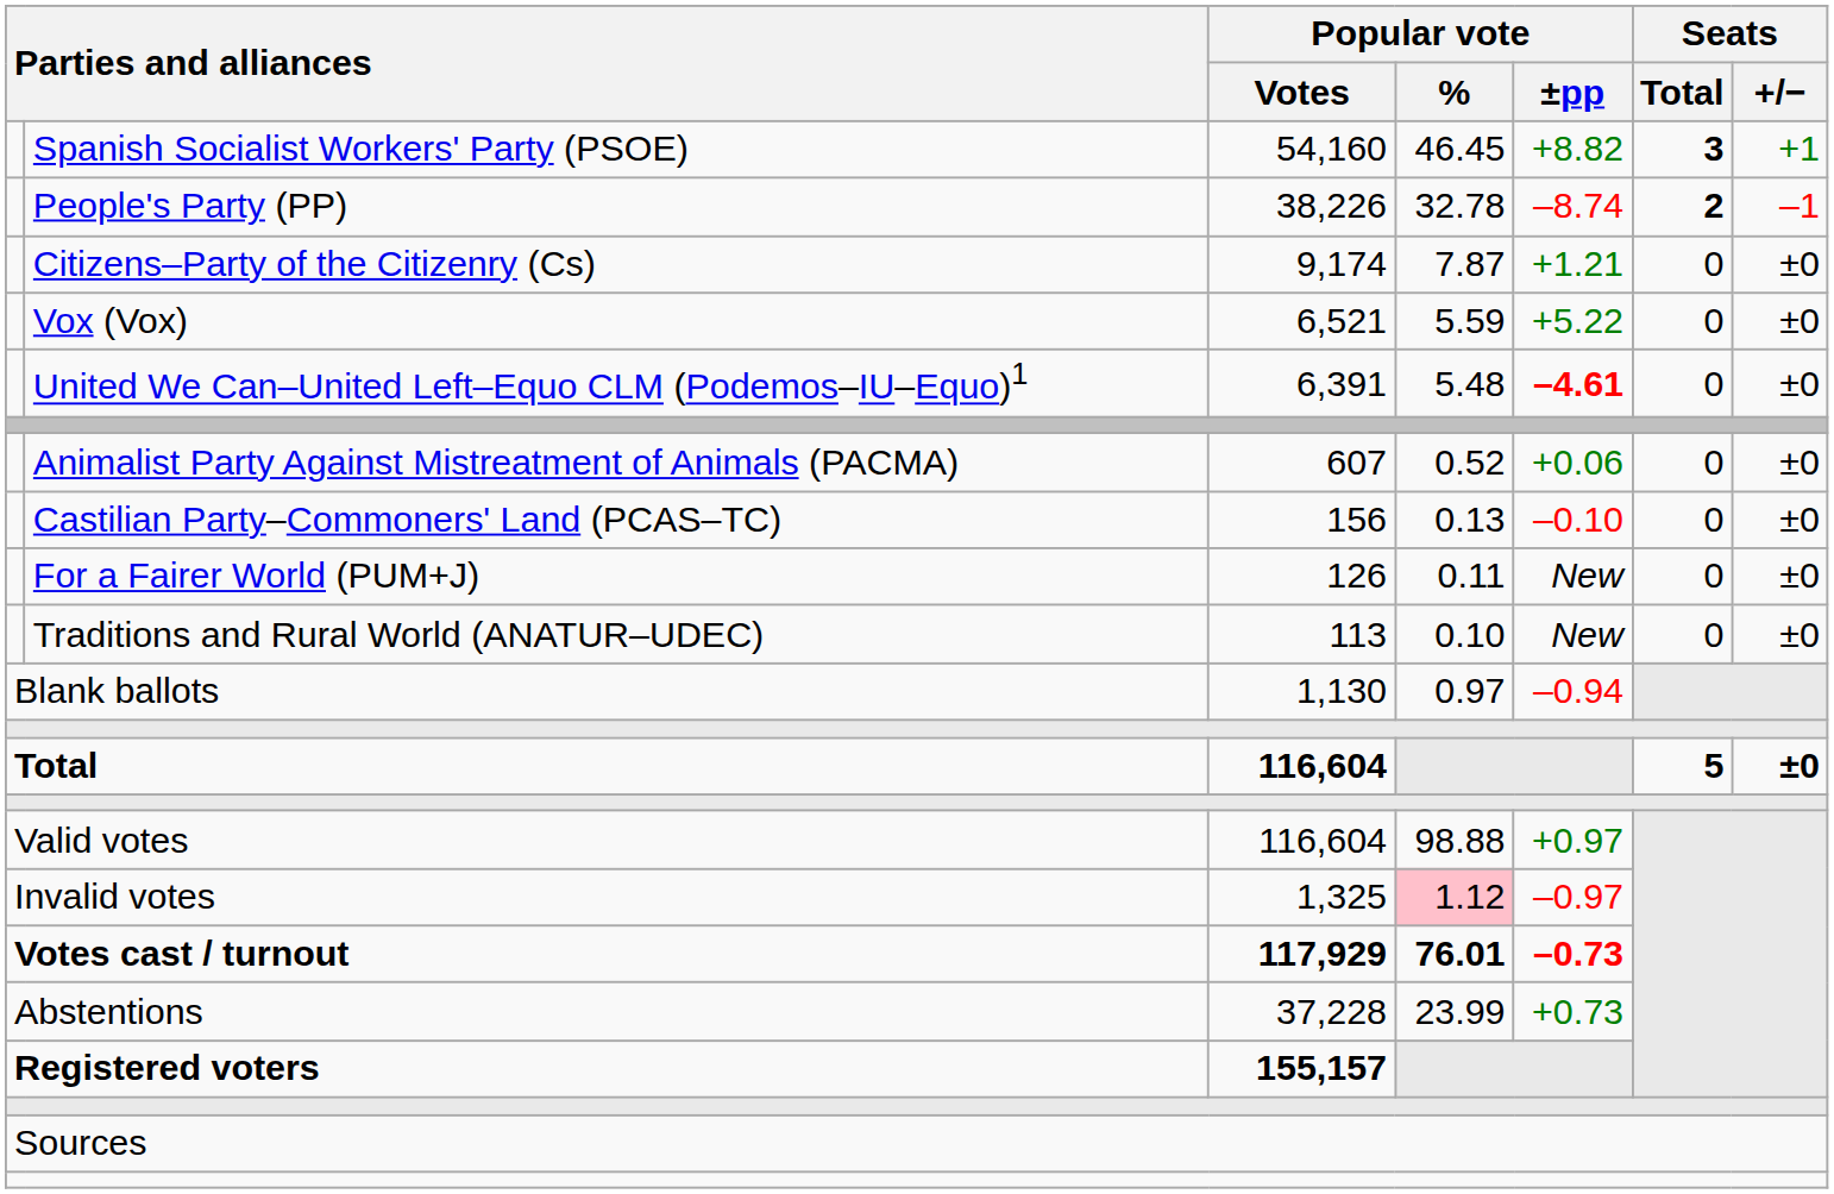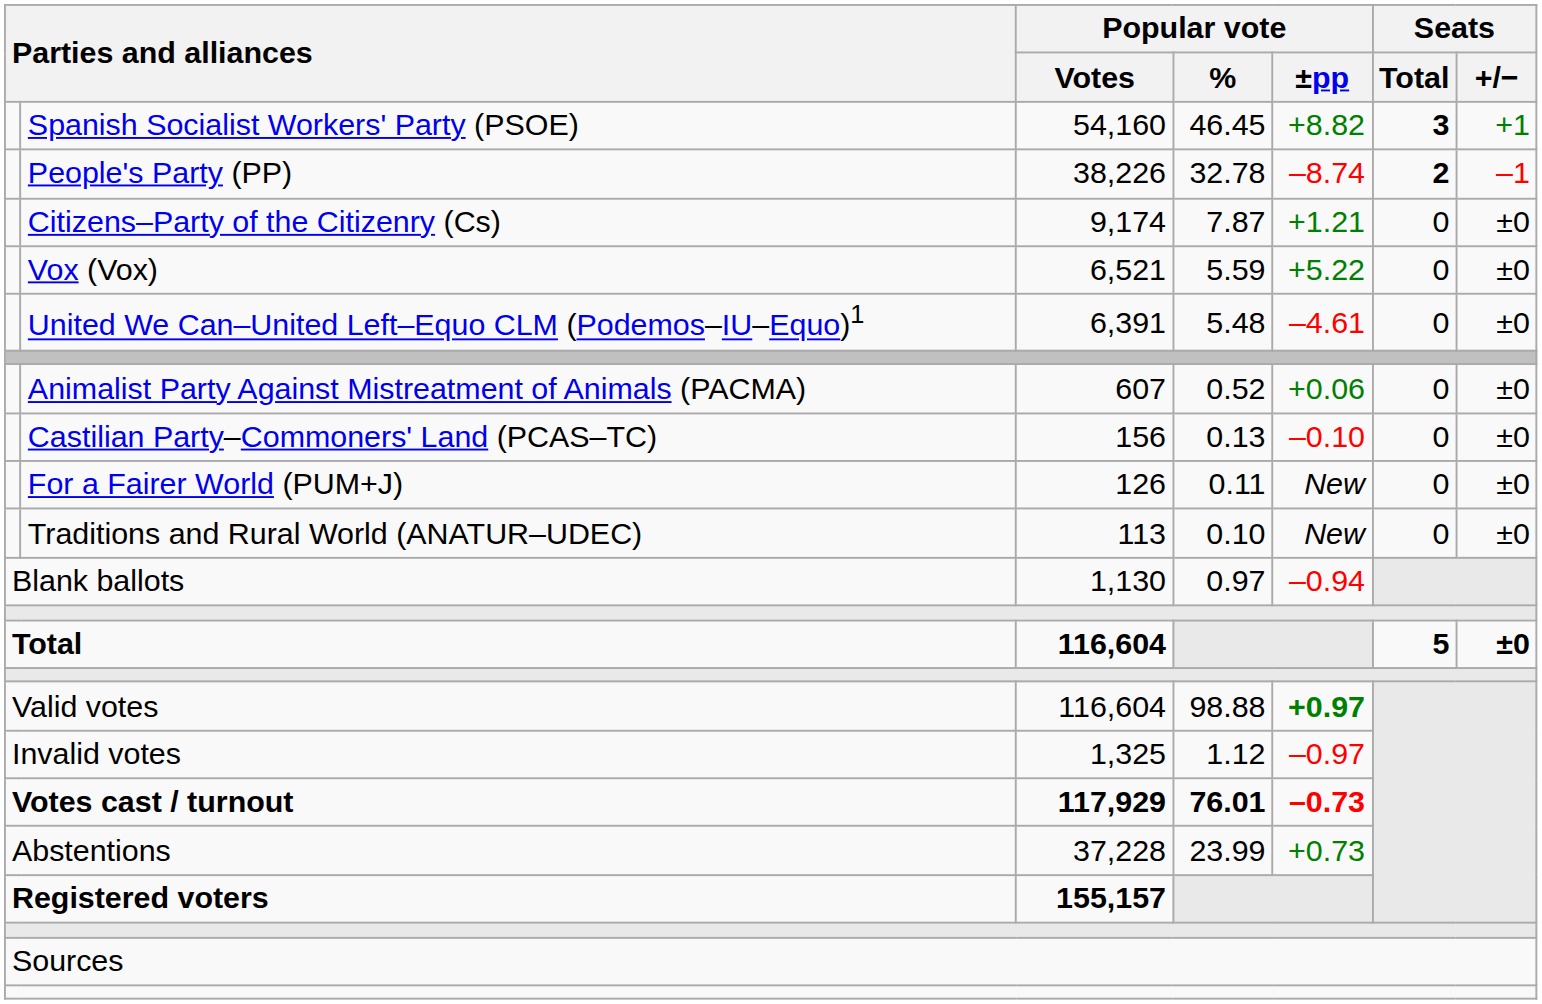 <table class="wikitable" style="text-align:right;">
 <tr>
 <th style="text-align:left;" rowspan="2" colspan="2" width="525">Parties and alliances</th>
 <th colspan="3">Popular vote</th>
 <th colspan="2">Seats</th>
 </tr>
 <tr>
 <th width="75">Votes</th>
 <th width="45">%</th>
 <th width="45">±<a href='#'>pp</a></th>
 <th width="35">Total</th>
 <th width="35">+/−</th>
 </tr>
 <tr>
 <td width="1" style="color:inherit;background:"></td>
 <td align="left"><a href='#'>Spanish Socialist Workers' Party</a> (PSOE)</td>
 <td>54,160</td>
 <td>46.45</td>
 <td style="color:green;">+8.82</td>
 <td><strong>3</strong></td>
 <td style="color:green;">+1</td>
 </tr>
 <tr>
 <td style="color:inherit;background:"></td>
 <td align="left"><a href='#'>People's Party</a> (PP)</td>
 <td>38,226</td>
 <td>32.78</td>
 <td style="color:red;">–8.74</td>
 <td><strong>2</strong></td>
 <td style="color:red;">–1</td>
 </tr>
 <tr>
 <td style="color:inherit;background:"></td>
 <td align="left"><a href='#'>Citizens–Party of the Citizenry</a> (Cs)</td>
 <td>9,174</td>
 <td>7.87</td>
 <td style="color:green;">+1.21</td>
 <td>0</td>
 <td>±0</td>
 </tr>
 <tr>
 <td style="color:inherit;background:"></td>
 <td align="left"><a href='#'>Vox</a> (Vox)</td>
 <td>6,521</td>
 <td>5.59</td>
 <td style="color:green;">+5.22</td>
 <td>0</td>
 <td>±0</td>
 </tr>
 <tr>
 <td style="color:inherit;background:"></td>
 <td align="left"><a href='#'>United We Can–United Left–Equo CLM</a> (<a href='#'>Podemos</a>–<a href='#'>IU</a>–<a href='#'>Equo</a>)<sup>1</sup></td>
 <td>6,391</td>
 <td>5.48</td>
-<td style="color:red;"><strong>–4.61</strong></td>
+<td style="color:red;">–4.61</td>
 <td>0</td>
 <td>±0</td>
 </tr>
 <tr>
 <td colspan="7" bgcolor="#C0C0C0"></td>
 </tr>
 <tr>
 <td style="color:inherit;background:"></td>
 <td align="left"><a href='#'>Animalist Party Against Mistreatment of Animals</a> (PACMA)</td>
 <td>607</td>
 <td>0.52</td>
 <td style="color:green;">+0.06</td>
 <td>0</td>
 <td>±0</td>
 </tr>
 <tr>
 <td style="color:inherit;background:"></td>
 <td align="left"><a href='#'>Castilian Party</a>–<a href='#'>Commoners' Land</a> (PCAS–TC)</td>
 <td>156</td>
 <td>0.13</td>
 <td style="color:red;">–0.10</td>
 <td>0</td>
 <td>±0</td>
 </tr>
 <tr>
 <td style="color:inherit;background:"></td>
 <td align="left"><a href='#'>For a Fairer World</a> (PUM+J)</td>
 <td>126</td>
 <td>0.11</td>
 <td><em>New</em></td>
 <td>0</td>
 <td>±0</td>
 </tr>
 <tr>
 <td style="color:inherit;background:"></td>
 <td align="left">Traditions and Rural World (ANATUR–UDEC)</td>
 <td>113</td>
 <td>0.10</td>
 <td><em>New</em></td>
 <td>0</td>
 <td>±0</td>
 </tr>
 <tr>
 <td align="left" colspan="2">Blank ballots</td>
 <td>1,130</td>
 <td>0.97</td>
 <td style="color:red;">–0.94</td>
 <td bgcolor="#E9E9E9" colspan="2"></td>
 </tr>
 <tr>
 <td colspan="7" bgcolor="#E9E9E9"></td>
 </tr>
 <tr style="font-weight:bold;">
 <td align="left" colspan="2">Total</td>
 <td>116,604</td>
 <td bgcolor="#E9E9E9" colspan="2"></td>
 <td>5</td>
 <td>±0</td>
 </tr>
 <tr>
 <td colspan="7" bgcolor="#E9E9E9"></td>
 </tr>
 <tr>
 <td align="left" colspan="2">Valid votes</td>
 <td>116,604</td>
 <td>98.88</td>
-<td style="color:green;">+0.97</td>
+<td style="color:green;"><strong>+0.97</strong></td>
 <td bgcolor="#E9E9E9" colspan="2" rowspan="5"></td>
 </tr>
 <tr>
 <td align="left" colspan="2">Invalid votes</td>
 <td>1,325</td>
-<td style="background: pink;">1.12</td>
+<td>1.12</td>
 <td style="color:red;">–0.97</td>
 </tr>
 <tr style="font-weight:bold;">
 <td align="left" colspan="2">Votes cast / turnout</td>
 <td>117,929</td>
 <td>76.01</td>
 <td style="color:red;">–0.73</td>
 </tr>
 <tr>
 <td align="left" colspan="2">Abstentions</td>
 <td>37,228</td>
 <td>23.99</td>
 <td style="color:green;">+0.73</td>
 </tr>
 <tr style="font-weight:bold;">
 <td align="left" colspan="2">Registered voters</td>
 <td>155,157</td>
 <td bgcolor="#E9E9E9" colspan="2"></td>
 </tr>
 <tr>
 <td colspan="7" bgcolor="#E9E9E9"></td>
 </tr>
 <tr>
 <td align="left" colspan="7">Sources</td>
 </tr>
 <tr>
 <td colspan="7" style="text-align:left; max-width:790px;"></td>
 </tr>
 </table>
